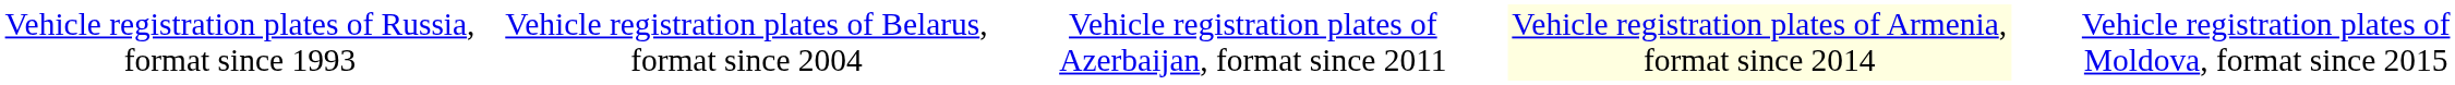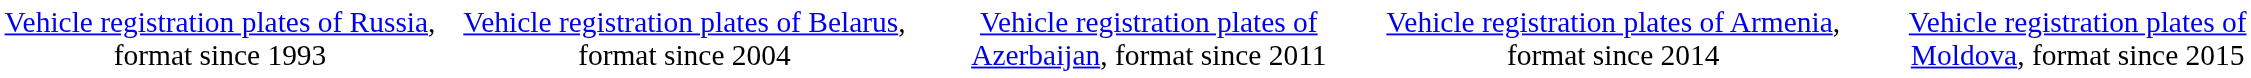 <table class="graytable" style="text-align:center">
 <tr>
 <td width="11%"></td>
 <td width="11%"></td>
 <td width="11%"></td>
 <td width="11%"></td>
 <td width="11%"></td>
 </tr>
 <tr>
 <td><a href='#'>Vehicle registration plates of Russia</a>, format since 1993</td>
 <td><a href='#'>Vehicle registration plates of Belarus</a>, format since 2004</td>
 <td><a href='#'>Vehicle registration plates of Azerbaijan</a>, format since 2011</td>
-<td style="background: lightyellow;"><a href='#'>Vehicle registration plates of Armenia</a>, format since 2014</td>
+<td><a href='#'>Vehicle registration plates of Armenia</a>, format since 2014</td>
 <td><a href='#'>Vehicle registration plates of Moldova</a>, format since 2015</td>
 </tr>
 </table>
